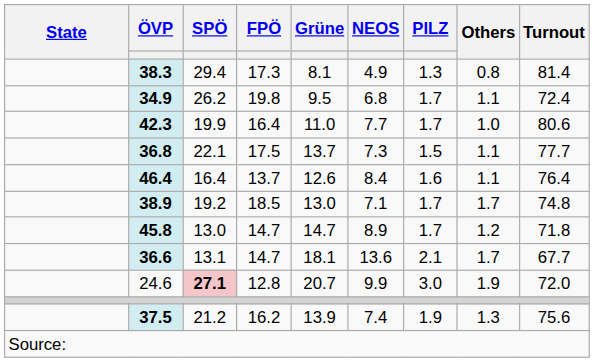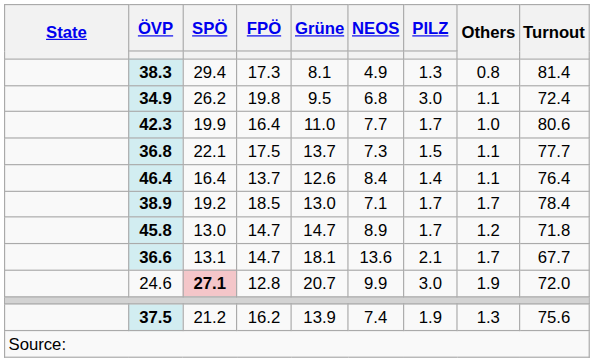 <table class="wikitable sortable" style="text-align:center;font-size:90%;line-height:16px">
 <tr style="height:40px;">
 <th style="width:100px;" rowspan="2"><a href='#'>State</a></th>
 <th style="width:40px;"><a href='#'>ÖVP</a></th>
 <th style="width:40px;"><a href='#'>SPÖ</a></th>
 <th style="width:40px;"><a href='#'>FPÖ</a></th>
 <th style="width:40px;"><a href='#'>Grüne</a></th>
 <th style="width:40px;"><a href='#'>NEOS</a></th>
 <th style="width:40px;"><a href='#'>PILZ</a></th>
 <th class="unsortable" style="width:40px;" rowspan="2">Others</th>
 <th class="unsortable" style="width:40px;" rowspan="2">Turnout</th>
 </tr>
 <tr>
 <th style="background:"></th>
 <th style="background:"></th>
 <th style="background:"></th>
 <th style="background:"></th>
 <th style="background:"></th>
 <th style="background:"></th>
 </tr>
 <tr>
 <td align=left></td>
 <td bgcolor=#D2EDF1><strong>38.3</strong></td>
 <td>29.4</td>
 <td>17.3</td>
 <td>8.1</td>
 <td>4.9</td>
 <td>1.3</td>
 <td>0.8</td>
 <td>81.4</td>
 </tr>
 <tr>
 <td align=left></td>
 <td bgcolor=#D2EDF1><strong>34.9</strong></td>
 <td>26.2</td>
 <td>19.8</td>
 <td>9.5</td>
 <td>6.8</td>
-<td>1.7</td>
+<td>3.0</td>
 <td>1.1</td>
 <td>72.4</td>
 </tr>
 <tr>
 <td align=left></td>
 <td bgcolor=#D2EDF1><strong>42.3</strong></td>
 <td>19.9</td>
 <td>16.4</td>
 <td>11.0</td>
 <td>7.7</td>
 <td>1.7</td>
 <td>1.0</td>
 <td>80.6</td>
 </tr>
 <tr>
 <td align=left></td>
 <td bgcolor=#D2EDF1><strong>36.8</strong></td>
 <td>22.1</td>
 <td>17.5</td>
 <td>13.7</td>
 <td>7.3</td>
 <td>1.5</td>
 <td>1.1</td>
 <td>77.7</td>
 </tr>
 <tr>
 <td align=left></td>
 <td bgcolor=#D2EDF1><strong>46.4</strong></td>
 <td>16.4</td>
 <td>13.7</td>
 <td>12.6</td>
 <td>8.4</td>
-<td>1.6</td>
+<td>1.4</td>
 <td>1.1</td>
 <td>76.4</td>
 </tr>
 <tr>
 <td align=left></td>
 <td bgcolor=#D2EDF1><strong>38.9</strong></td>
 <td>19.2</td>
 <td>18.5</td>
 <td>13.0</td>
 <td>7.1</td>
 <td>1.7</td>
 <td>1.7</td>
-<td>74.8</td>
+<td>78.4</td>
 </tr>
 <tr>
 <td align=left></td>
 <td bgcolor=#D2EDF1><strong>45.8</strong></td>
 <td>13.0</td>
 <td>14.7</td>
 <td>14.7</td>
 <td>8.9</td>
 <td>1.7</td>
 <td>1.2</td>
 <td>71.8</td>
 </tr>
 <tr>
 <td align=left></td>
 <td bgcolor=#D2EDF1><strong>36.6</strong></td>
 <td>13.1</td>
 <td>14.7</td>
 <td>18.1</td>
 <td>13.6</td>
 <td>2.1</td>
 <td>1.7</td>
 <td>67.7</td>
 </tr>
 <tr>
 <td align=left></td>
 <td>24.6</td>
 <td bgcolor=#F4C6C9><strong>27.1</strong></td>
 <td>12.8</td>
 <td>20.7</td>
 <td>9.9</td>
 <td>3.0</td>
 <td>1.9</td>
 <td>72.0</td>
 </tr>
 <tr>
 <td colspan=10 bgcolor=lightgrey></td>
 </tr>
 <tr>
 <td align=left></td>
 <td bgcolor=#D2EDF1><strong>37.5</strong></td>
 <td>21.2</td>
 <td>16.2</td>
 <td>13.9</td>
 <td>7.4</td>
 <td>1.9</td>
 <td>1.3</td>
 <td>75.6</td>
 </tr>
 <tr class=sortbottom>
 <td colspan=10 align=left>Source:  </td>
 </tr>
 </table>
